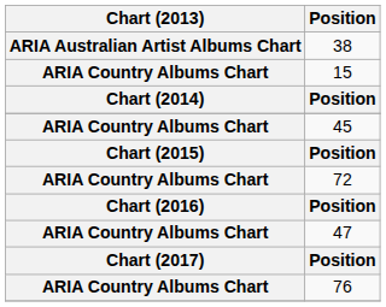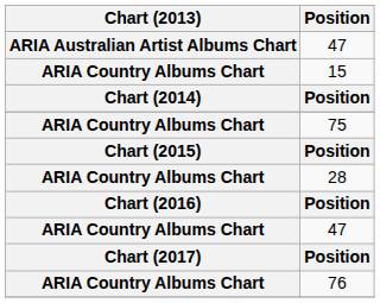 <table class="wikitable sortable plainrowheaders" style="text-align:center">
 <tr>
 <th scope="col">Chart (2013)</th>
 <th scope="col">Position</th>
 </tr>
 <tr>
 <th scope="row">ARIA Australian Artist Albums Chart</th>
-<td>38</td>
+<td>47</td>
 </tr>
 <tr>
 <th scope="row">ARIA Country Albums Chart</th>
 <td>15</td>
 </tr>
 <tr>
 <th scope="col">Chart (2014)</th>
 <th scope="col">Position</th>
 </tr>
 <tr>
 </tr>
 <tr>
 <th scope="row">ARIA Country Albums Chart</th>
-<td>45</td>
+<td>75</td>
 </tr>
 <tr>
 <th scope="col">Chart (2015)</th>
 <th scope="col">Position</th>
 </tr>
 <tr>
 <th scope="row">ARIA Country Albums Chart</th>
-<td>72</td>
+<td>28</td>
 </tr>
 <tr>
 <th scope="col">Chart (2016)</th>
 <th scope="col">Position</th>
 </tr>
 <tr>
 <th scope="row">ARIA Country Albums Chart</th>
 <td>47</td>
 </tr>
 <tr>
 <th scope="col">Chart (2017)</th>
 <th scope="col">Position</th>
 </tr>
 <tr>
 <th scope="row">ARIA Country Albums Chart</th>
 <td>76</td>
 </tr>
 <tr>
 </tr>
 </table>
